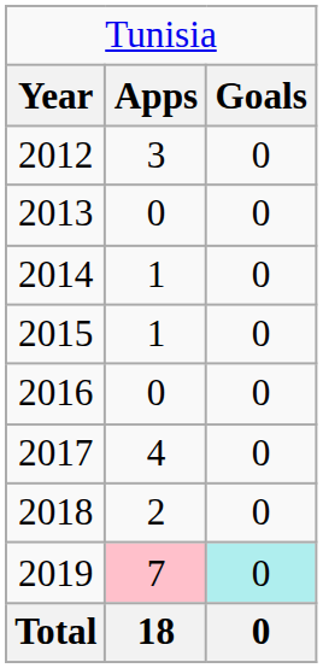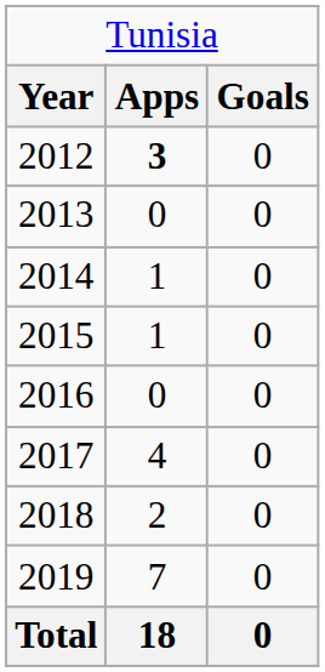 <table class="wikitable" style="text-align:center">
 <tr>
 <td colspan="3"><a href='#'>Tunisia</a></td>
 </tr>
 <tr>
 <th>Year</th>
 <th>Apps</th>
 <th>Goals</th>
 </tr>
 <tr>
 <td>2012</td>
-<td>3</td>
+<td><strong>3</strong></td>
 <td>0</td>
 </tr>
 <tr>
 <td>2013</td>
 <td>0</td>
 <td>0</td>
 </tr>
 <tr>
 <td>2014</td>
 <td>1</td>
 <td>0</td>
 </tr>
 <tr>
 <td>2015</td>
 <td>1</td>
 <td>0</td>
 </tr>
 <tr>
 <td>2016</td>
 <td>0</td>
 <td>0</td>
 </tr>
 <tr>
 <td>2017</td>
 <td>4</td>
 <td>0</td>
 </tr>
 <tr>
 <td>2018</td>
 <td>2</td>
 <td>0</td>
 </tr>
 <tr>
 <td>2019</td>
-<td style="background: pink;">7</td>
-<td style="background: paleturquoise;">0</td>
+<td>7</td>
+<td>0</td>
 </tr>
 <tr>
 <th>Total</th>
 <th>18</th>
 <th>0</th>
 </tr>
 </table>
